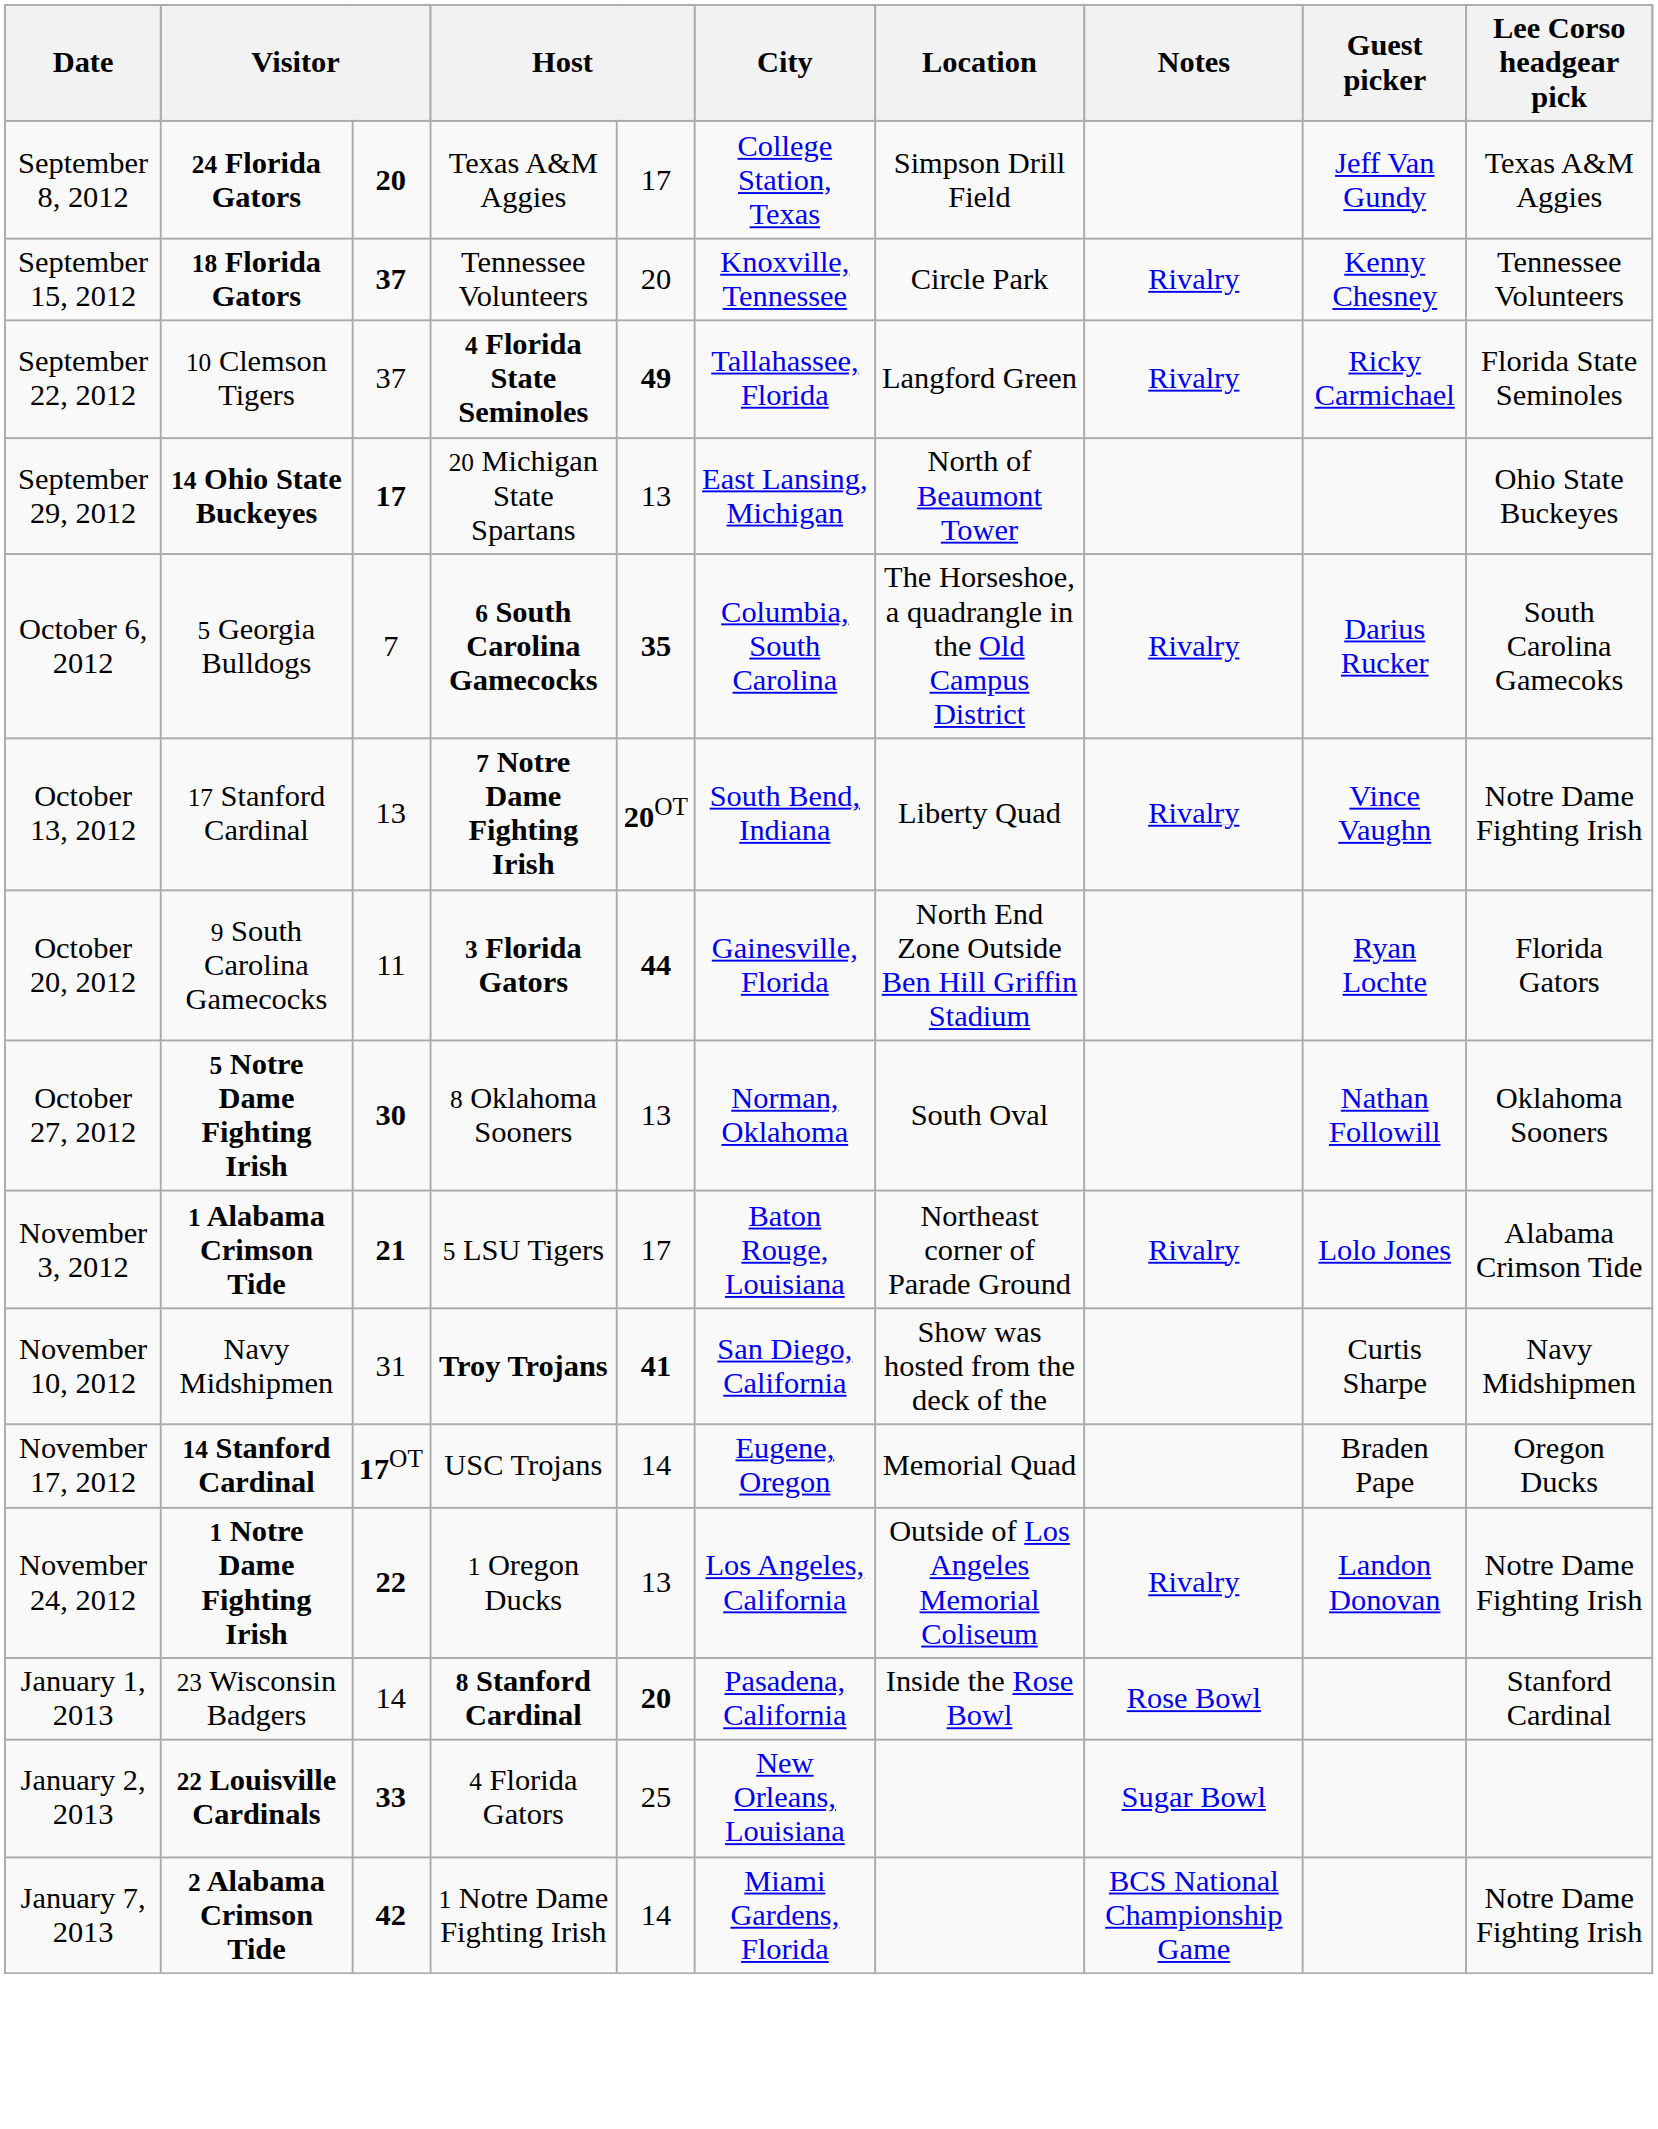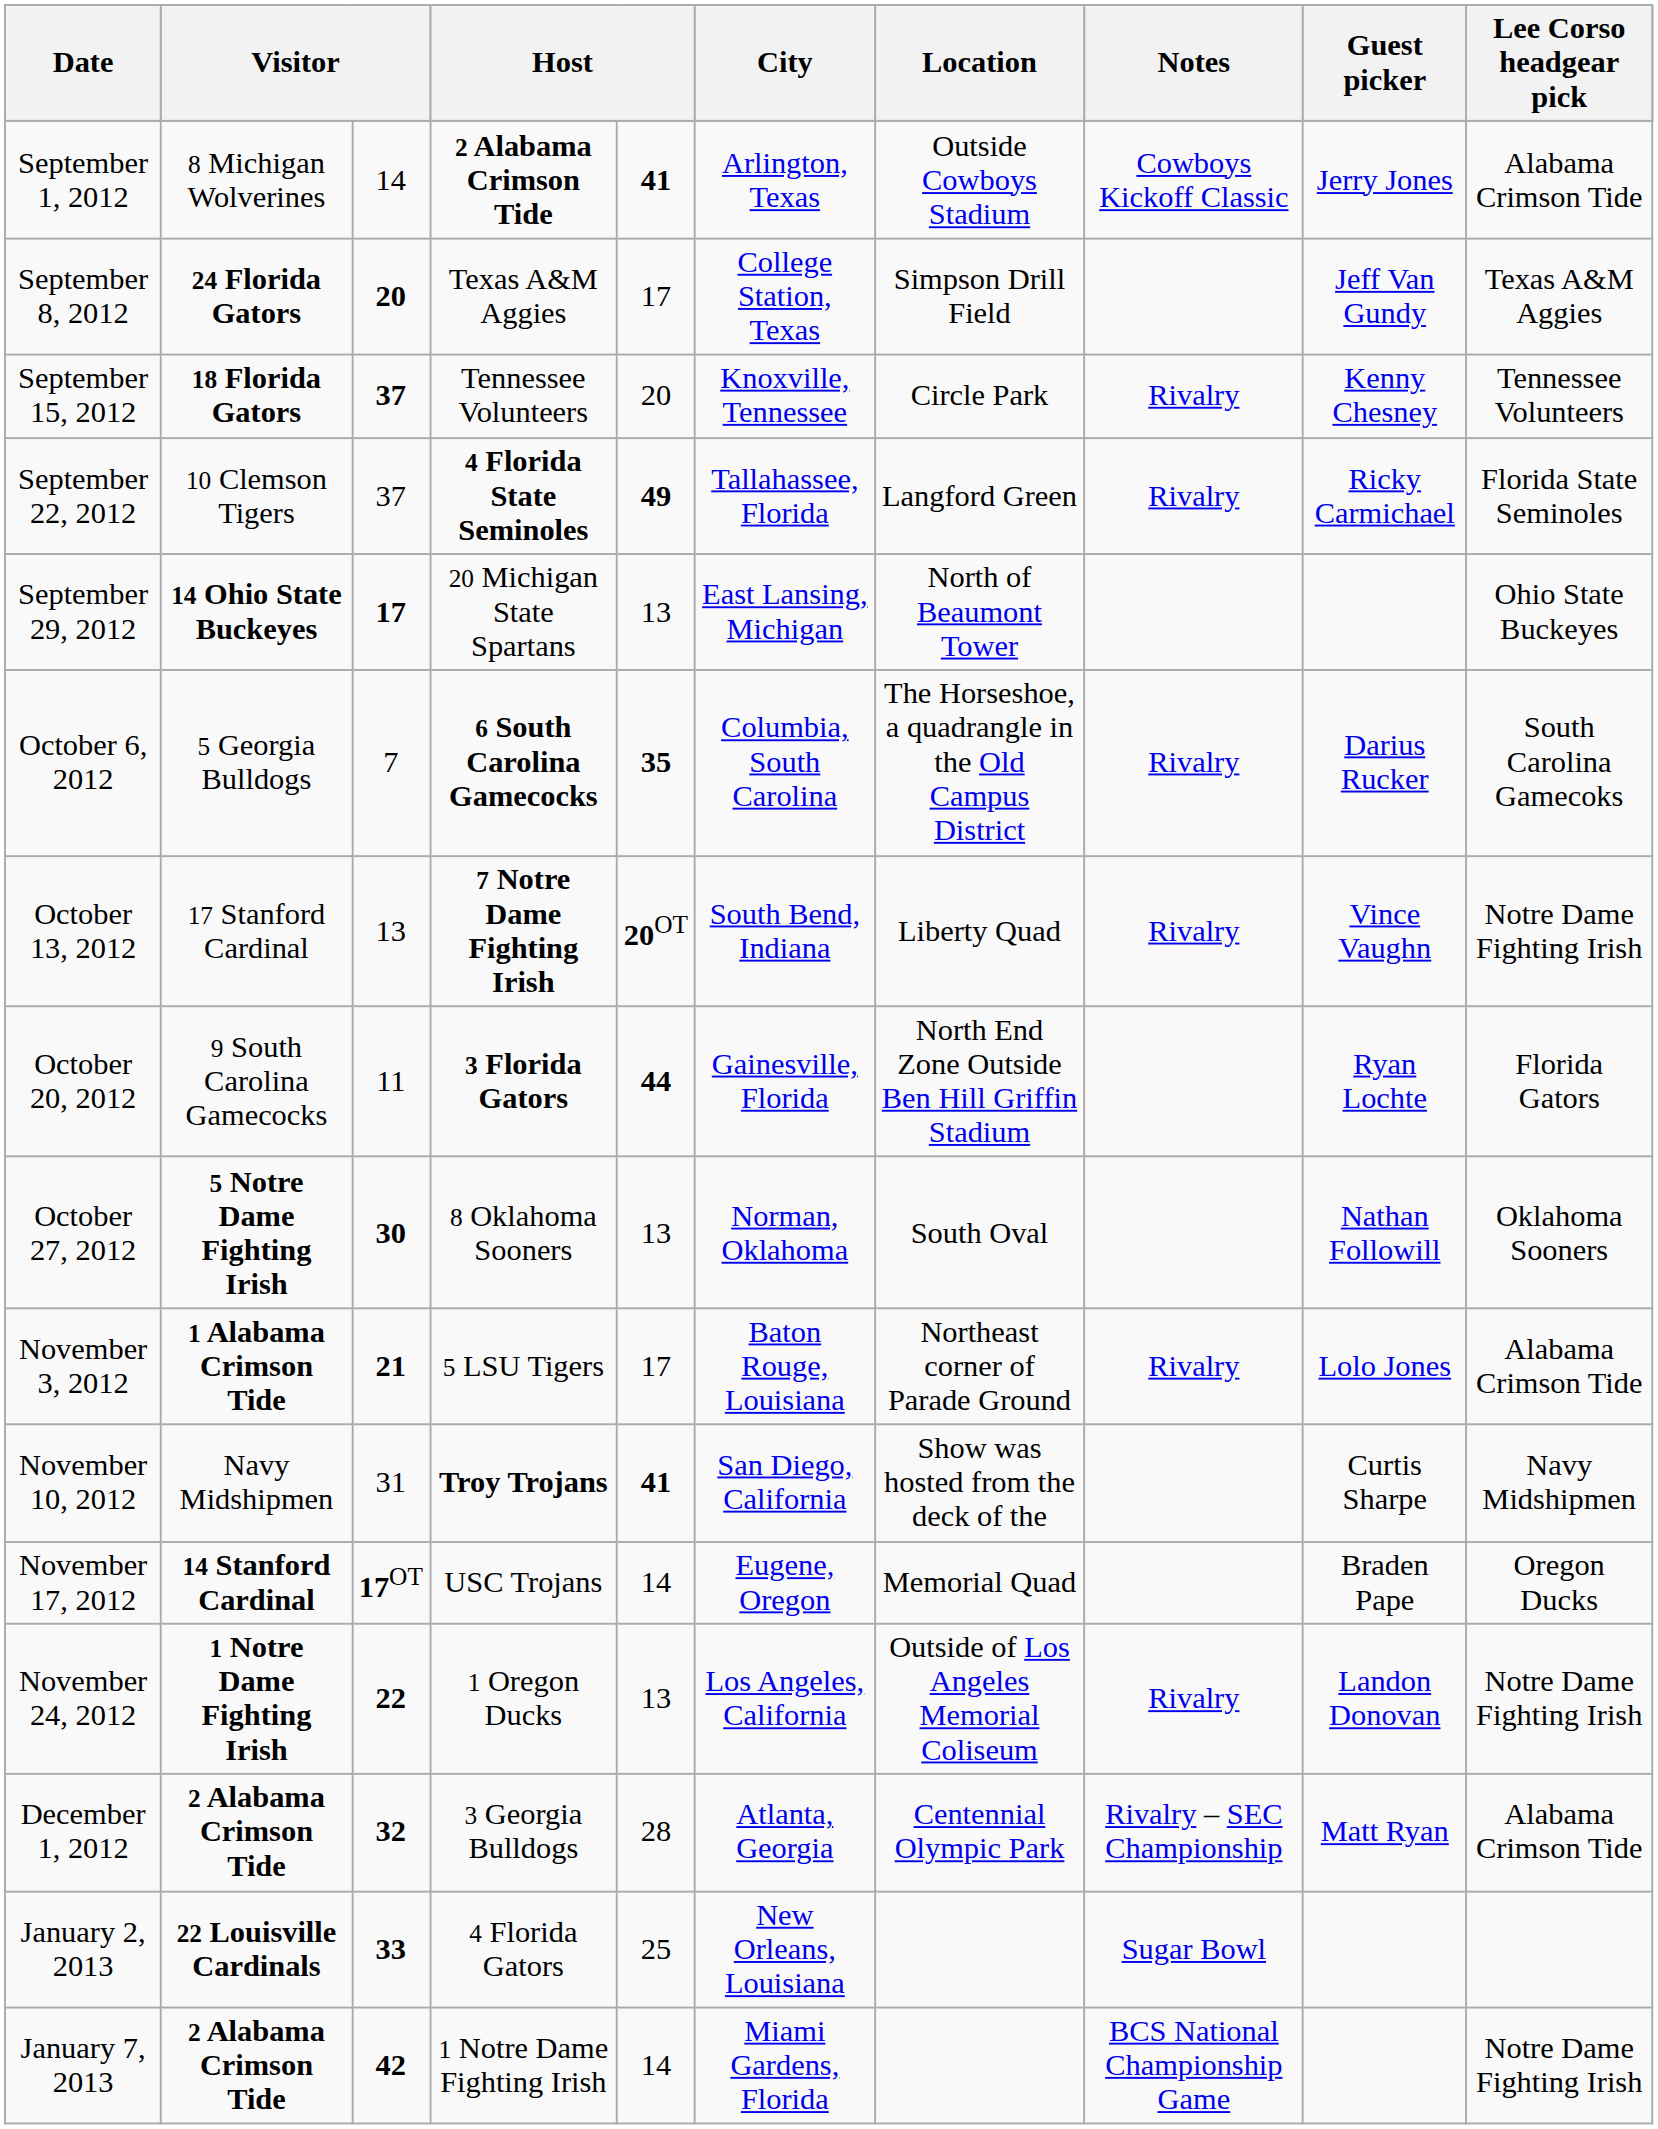 <table class="wikitable" style="text-align:center">
 <tr style="background:#A32638;"|>
 <th>Date</th>
 <th colspan=2>Visitor</th>
 <th colspan=2>Host</th>
 <th>City</th>
 <th>Location</th>
 <th>Notes</th>
 <th>Guest picker</th>
 <th>Lee Corso headgear pick</th>
+</tr>
+<tr>
+<td>September 1, 2012</td>
+<td><small>8</small> Michigan Wolverines</td>
+<td>14</td>
+<td><strong><small>2</small> Alabama Crimson Tide</strong></td>
+<td><strong>41</strong></td>
+<td><a href='#'>Arlington, Texas</a></td>
+<td>Outside <a href='#'>Cowboys Stadium</a></td>
+<td><a href='#'>Cowboys Kickoff Classic</a></td>
+<td><a href='#'>Jerry Jones</a></td>
+<td>Alabama Crimson Tide</td>
 </tr>
 <tr>
 <td>September 8, 2012</td>
 <td><strong><small>24</small> Florida Gators</strong></td>
 <td><strong>20</strong></td>
 <td>Texas A&M Aggies</td>
 <td>17</td>
 <td><a href='#'>College Station, Texas</a></td>
 <td>Simpson Drill Field</td>
 <td></td>
 <td><a href='#'>Jeff Van Gundy</a></td>
 <td>Texas A&M Aggies</td>
 </tr>
 <tr>
 <td>September 15, 2012</td>
 <td><strong><small>18</small> Florida Gators</strong></td>
 <td><strong>37</strong></td>
 <td>Tennessee Volunteers</td>
 <td>20</td>
 <td><a href='#'>Knoxville, Tennessee</a></td>
 <td>Circle Park</td>
 <td><a href='#'>Rivalry</a></td>
 <td><a href='#'>Kenny Chesney</a></td>
 <td>Tennessee Volunteers</td>
 </tr>
 <tr>
 <td>September 22, 2012</td>
 <td><small>10</small> Clemson Tigers</td>
 <td>37</td>
 <td><strong><small>4</small> Florida State Seminoles</strong></td>
 <td><strong>49</strong></td>
 <td><a href='#'>Tallahassee, Florida</a></td>
 <td>Langford Green</td>
 <td><a href='#'>Rivalry</a></td>
 <td><a href='#'>Ricky Carmichael</a></td>
 <td>Florida State Seminoles</td>
 </tr>
 <tr>
 <td>September 29, 2012</td>
 <td><strong><small>14</small> Ohio State Buckeyes</strong></td>
 <td><strong>17</strong></td>
 <td><small>20</small> Michigan State Spartans</td>
 <td>13</td>
 <td><a href='#'>East Lansing, Michigan</a></td>
 <td>North of <a href='#'>Beaumont Tower</a></td>
 <td></td>
 <td></td>
 <td>Ohio State Buckeyes</td>
 </tr>
 <tr>
 <td>October 6, 2012</td>
 <td><small>5</small> Georgia Bulldogs</td>
 <td>7</td>
 <td><strong><small>6</small> South Carolina Gamecocks</strong></td>
 <td><strong>35</strong></td>
 <td><a href='#'>Columbia, South Carolina</a></td>
 <td>The Horseshoe, a quadrangle in the <a href='#'>Old Campus District</a></td>
 <td><a href='#'>Rivalry</a></td>
 <td><a href='#'>Darius Rucker</a></td>
 <td>South Carolina Gamecoks</td>
 </tr>
 <tr>
 <td>October 13, 2012</td>
 <td><small>17</small> Stanford Cardinal</td>
 <td>13</td>
 <td><strong><small>7</small> Notre Dame Fighting Irish</strong></td>
 <td><strong>20</strong><sup>OT</sup></td>
 <td><a href='#'>South Bend, Indiana</a></td>
 <td>Liberty Quad</td>
 <td><a href='#'>Rivalry</a></td>
 <td><a href='#'>Vince Vaughn</a></td>
 <td>Notre Dame Fighting Irish</td>
 </tr>
 <tr>
 <td>October 20, 2012</td>
 <td><small>9</small> South Carolina Gamecocks</td>
 <td>11</td>
 <td><strong><small>3</small> Florida Gators</strong></td>
 <td><strong>44</strong></td>
 <td><a href='#'>Gainesville, Florida</a></td>
 <td>North End Zone Outside <a href='#'>Ben Hill Griffin Stadium</a></td>
 <td></td>
 <td><a href='#'>Ryan Lochte</a></td>
 <td>Florida Gators</td>
 </tr>
 <tr>
 <td>October 27, 2012</td>
 <td><strong><small>5</small> Notre Dame Fighting Irish</strong></td>
 <td><strong>30</strong></td>
 <td><small>8</small> Oklahoma Sooners</td>
 <td>13</td>
 <td><a href='#'>Norman, Oklahoma</a></td>
 <td>South Oval</td>
 <td></td>
 <td><a href='#'>Nathan Followill</a></td>
 <td>Oklahoma Sooners</td>
 </tr>
 <tr>
 <td>November 3, 2012</td>
 <td><strong><small>1</small> Alabama Crimson Tide</strong></td>
 <td><strong>21</strong></td>
 <td><small>5</small> LSU Tigers</td>
 <td>17</td>
 <td><a href='#'>Baton Rouge, Louisiana</a></td>
 <td>Northeast corner of Parade Ground</td>
 <td><a href='#'>Rivalry</a></td>
 <td><a href='#'>Lolo Jones</a></td>
 <td>Alabama Crimson Tide</td>
 </tr>
 <tr>
 <td>November 10, 2012</td>
 <td>Navy Midshipmen</td>
 <td>31</td>
 <td><strong>Troy Trojans</strong></td>
 <td><strong>41</strong></td>
 <td><a href='#'>San Diego, California</a></td>
 <td>Show was hosted from the deck of the </td>
 <td></td>
 <td>Curtis Sharpe</td>
 <td>Navy Midshipmen</td>
 </tr>
 <tr>
 <td>November 17, 2012</td>
 <td><strong><small>14</small> Stanford Cardinal</strong></td>
 <td><strong>17</strong><sup>OT</sup></td>
 <td>USC Trojans</td>
 <td>14</td>
 <td><a href='#'>Eugene, Oregon</a></td>
 <td>Memorial Quad</td>
 <td></td>
 <td>Braden Pape</td>
 <td>Oregon Ducks</td>
 </tr>
 <tr>
 <td>November 24, 2012</td>
 <td><strong><small>1</small> Notre Dame Fighting Irish</strong></td>
 <td><strong>22</strong></td>
 <td><small>1</small> Oregon Ducks</td>
 <td>13</td>
 <td><a href='#'>Los Angeles, California</a></td>
 <td>Outside of <a href='#'>Los Angeles Memorial Coliseum</a></td>
 <td><a href='#'>Rivalry</a></td>
 <td><a href='#'>Landon Donovan</a></td>
 <td>Notre Dame Fighting Irish</td>
 </tr>
 <tr>
-<td>January 1, 2013</td>
-<td><small>23</small> Wisconsin Badgers</td>
-<td>14</td>
-<td><strong><small>8</small> Stanford Cardinal</strong></td>
-<td><strong>20</strong></td>
-<td><a href='#'>Pasadena, California</a></td>
-<td>Inside the <a href='#'>Rose Bowl</a></td>
-<td><a href='#'>Rose Bowl</a></td>
-<td></td>
-<td>Stanford Cardinal</td>
+<td>December 1, 2012</td>
+<td><strong><small>2</small> Alabama Crimson Tide</strong></td>
+<td><strong>32</strong></td>
+<td><small>3</small> Georgia Bulldogs</td>
+<td>28</td>
+<td><a href='#'>Atlanta, Georgia</a></td>
+<td><a href='#'>Centennial Olympic Park</a></td>
+<td><a href='#'>Rivalry</a> – <a href='#'>SEC Championship</a></td>
+<td><a href='#'>Matt Ryan</a></td>
+<td>Alabama Crimson Tide</td>
 </tr>
 <tr>
 <td>January 2, 2013</td>
 <td><strong><small>22</small> Louisville Cardinals</strong></td>
 <td><strong>33</strong></td>
 <td><small>4</small> Florida Gators</td>
 <td>25</td>
 <td><a href='#'>New Orleans, Louisiana</a></td>
 <td></td>
 <td><a href='#'>Sugar Bowl</a></td>
 <td></td>
 <td></td>
 </tr>
 <tr>
 <td>January 7, 2013</td>
 <td><strong><small>2</small> Alabama Crimson Tide</strong></td>
 <td><strong>42</strong></td>
 <td><small>1</small> Notre Dame Fighting Irish</td>
 <td>14</td>
 <td><a href='#'>Miami Gardens, Florida</a></td>
 <td></td>
 <td><a href='#'>BCS National Championship Game</a></td>
 <td></td>
 <td>Notre Dame Fighting Irish</td>
 </tr>
 </table>
